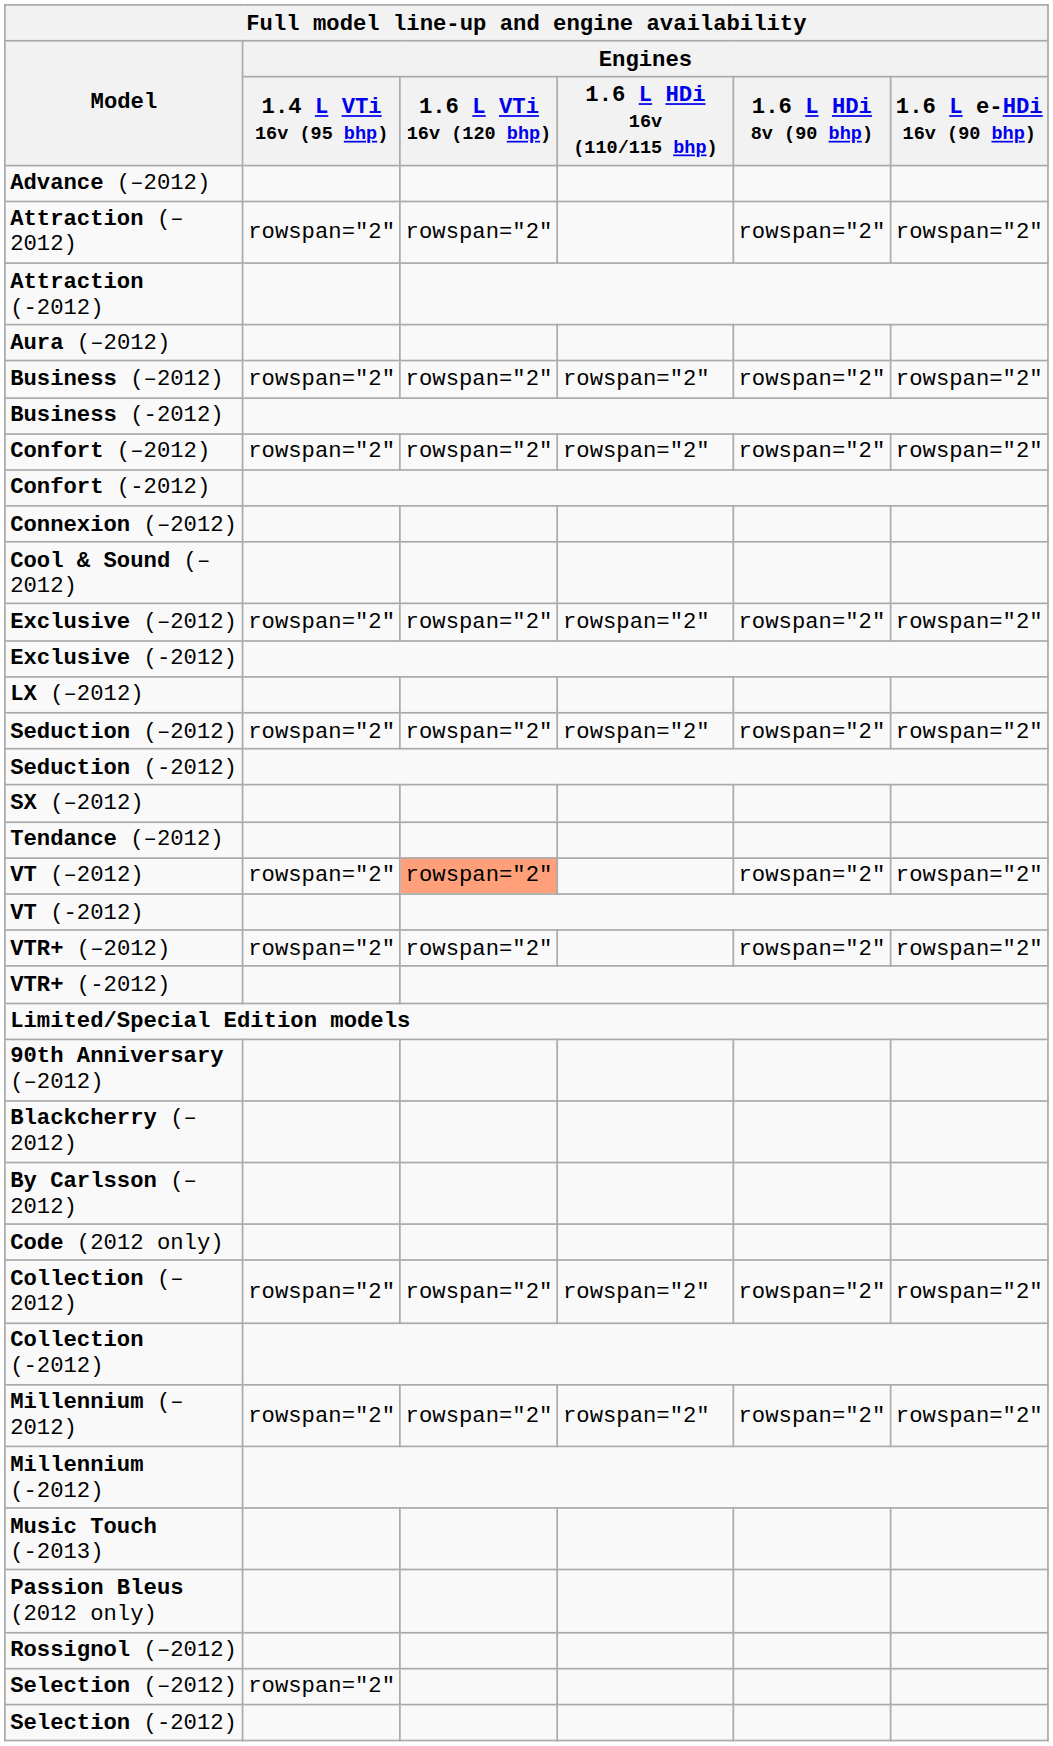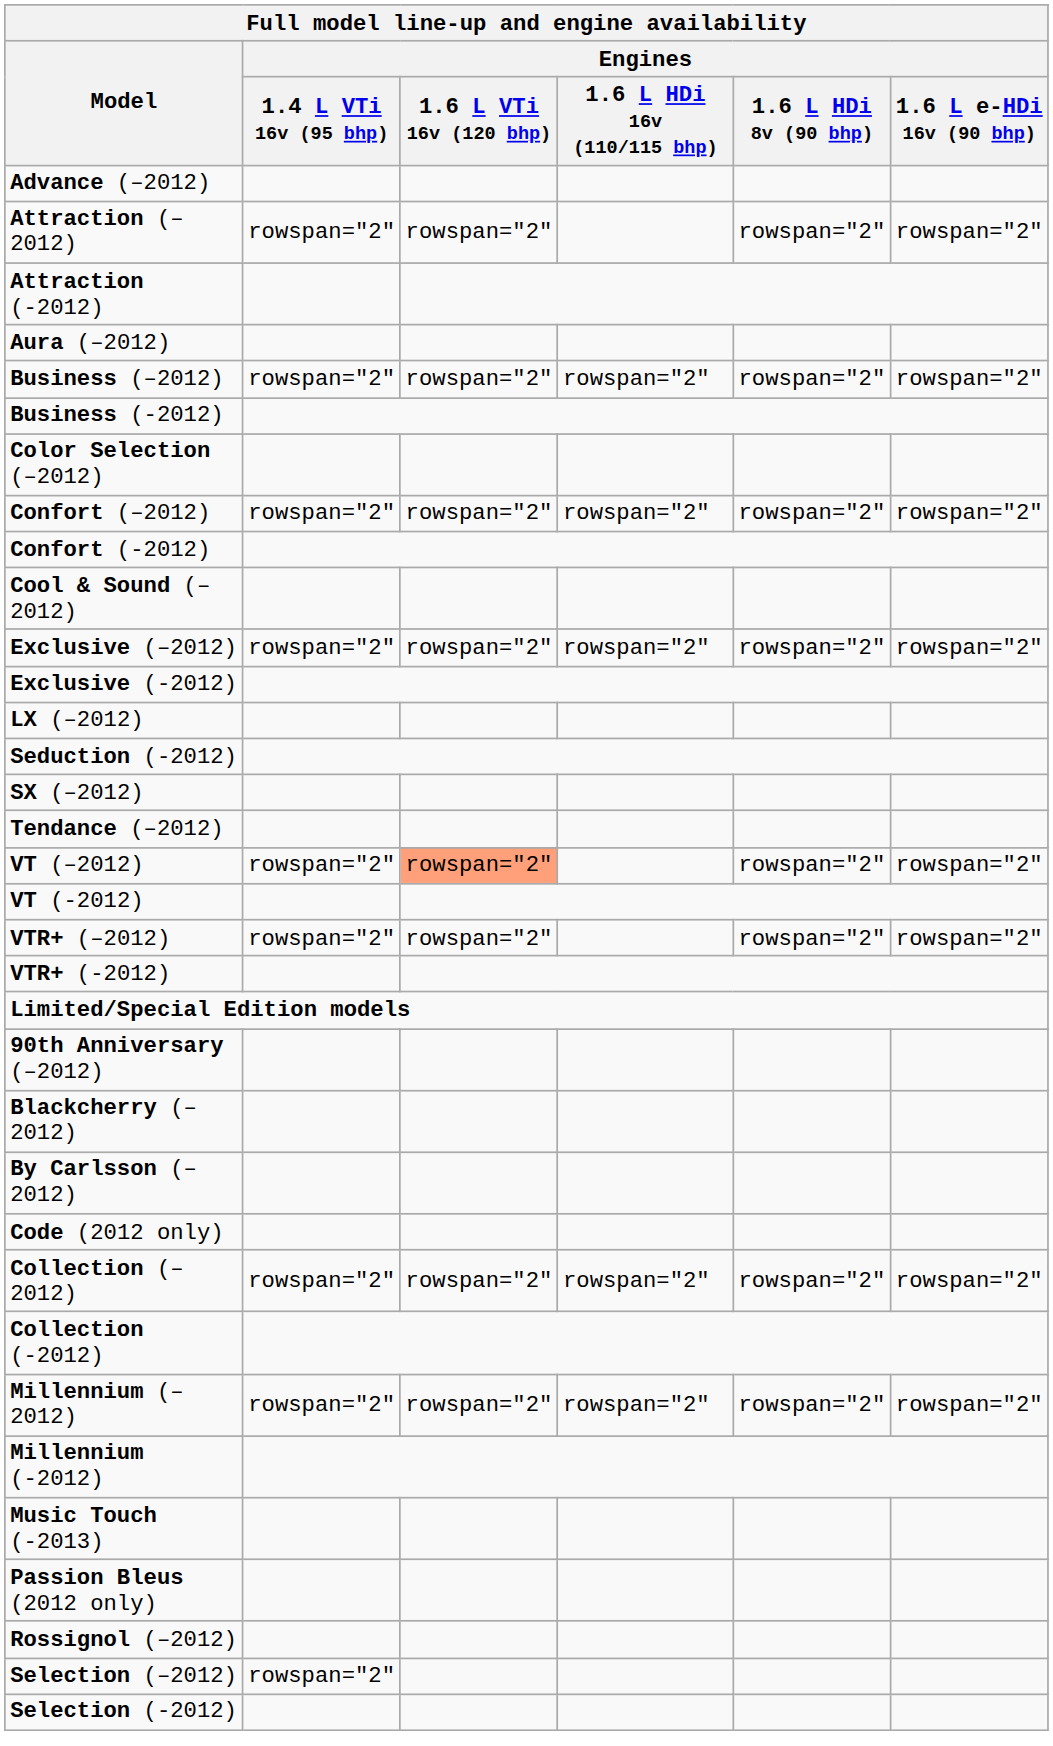 <table class="wikitable collapsible collapsed">
 <tr>
 <th colspan="6"><strong>Full model line-up and engine availability</strong></th>
 </tr>
 <tr>
 <th rowspan="2">Model</th>
 <th colspan="5">Engines</th>
 </tr>
 <tr>
 <th>1.4 <a href='#'>L</a> <a href='#'>VTi</a><br><small>16v (95 <a href='#'>bhp</a>)</small></th>
 <th>1.6 <a href='#'>L</a> <a href='#'>VTi</a><br><small>16v (120 <a href='#'>bhp</a>)</small></th>
 <th>1.6 <a href='#'>L</a> <a href='#'>HDi</a><br><small>16v (110/115 <a href='#'>bhp</a>)</small></th>
 <th>1.6 <a href='#'>L</a> <a href='#'>HDi</a><br><small>8v (90 <a href='#'>bhp</a>)</small></th>
 <th>1.6 <a href='#'>L</a> e-<a href='#'>HDi</a><br><small>16v (90 <a href='#'>bhp</a>)</small></th>
 </tr>
 <tr>
 <td><strong>Advance</strong> (–2012)</td>
 <td></td>
 <td></td>
 <td></td>
 <td></td>
 <td></td>
 </tr>
 <tr>
 <td><strong>Attraction</strong> (–2012)</td>
 <td>rowspan="2" </td>
 <td>rowspan="2" </td>
 <td></td>
 <td>rowspan="2" </td>
 <td>rowspan="2" </td>
 </tr>
 <tr>
 <td><strong>Attraction</strong> (-2012)</td>
 <td></td>
 </tr>
 <tr>
 <td><strong>Aura</strong> (–2012)</td>
 <td></td>
 <td></td>
 <td></td>
 <td></td>
 <td></td>
 </tr>
 <tr>
 <td><strong>Business</strong> (–2012)</td>
 <td>rowspan="2" </td>
 <td>rowspan="2" </td>
 <td>rowspan="2" </td>
 <td>rowspan="2" </td>
 <td>rowspan="2" </td>
 </tr>
 <tr>
 <td><strong>Business</strong> (-2012)</td>
 </tr>
 <tr>
+<td><strong>Color Selection</strong> (–2012)</td>
+<td></td>
+<td></td>
+<td></td>
+<td></td>
+<td></td>
+</tr>
+<tr>
 <td><strong>Confort</strong> (–2012)</td>
 <td>rowspan="2" </td>
 <td>rowspan="2" </td>
 <td>rowspan="2" </td>
 <td>rowspan="2" </td>
 <td>rowspan="2" </td>
 </tr>
 <tr>
 <td><strong>Confort</strong> (-2012)</td>
-</tr>
-<tr>
-<td><strong>Connexion</strong> (–2012)</td>
-<td></td>
-<td></td>
-<td></td>
-<td></td>
-<td></td>
 </tr>
 <tr>
 <td><strong>Cool & Sound</strong> (–2012)</td>
 <td></td>
 <td></td>
 <td></td>
 <td></td>
 <td></td>
 </tr>
 <tr>
 <td><strong>Exclusive</strong> (–2012)</td>
 <td>rowspan="2" </td>
 <td>rowspan="2" </td>
 <td>rowspan="2" </td>
 <td>rowspan="2" </td>
 <td>rowspan="2" </td>
 </tr>
 <tr>
 <td><strong>Exclusive</strong> (-2012)</td>
 </tr>
 <tr>
 <td><strong>LX</strong> (–2012)</td>
 <td></td>
 <td></td>
 <td></td>
 <td></td>
 <td></td>
-</tr>
-<tr>
-<td><strong>Seduction</strong> (–2012)</td>
-<td>rowspan="2" </td>
-<td>rowspan="2" </td>
-<td>rowspan="2" </td>
-<td>rowspan="2" </td>
-<td>rowspan="2" </td>
 </tr>
 <tr>
 <td><strong>Seduction</strong> (-2012)</td>
 </tr>
 <tr>
 <td><strong>SX</strong> (–2012)</td>
 <td></td>
 <td></td>
 <td></td>
 <td></td>
 <td></td>
 </tr>
 <tr>
 <td><strong>Tendance</strong> (–2012)</td>
 <td></td>
 <td></td>
 <td></td>
 <td></td>
 <td></td>
 </tr>
 <tr>
 <td><strong>VT</strong> (–2012)</td>
 <td>rowspan="2" </td>
 <td style="background: lightsalmon;">rowspan="2" </td>
 <td></td>
 <td>rowspan="2" </td>
 <td>rowspan="2" </td>
 </tr>
 <tr>
 <td><strong>VT</strong> (-2012)</td>
 <td></td>
 </tr>
 <tr>
 <td><strong>VTR+</strong> (–2012)</td>
 <td>rowspan="2" </td>
 <td>rowspan="2" </td>
 <td></td>
 <td>rowspan="2" </td>
 <td>rowspan="2" </td>
 </tr>
 <tr>
 <td><strong>VTR+</strong> (-2012)</td>
 <td></td>
 </tr>
 <tr>
 <td colspan="6"><strong>Limited/Special Edition models</strong></td>
 </tr>
 <tr>
 <td><strong>90th Anniversary</strong> (–2012)</td>
 <td></td>
 <td></td>
 <td></td>
 <td></td>
 <td></td>
 </tr>
 <tr>
 <td><strong>Blackcherry</strong> (–2012)</td>
 <td></td>
 <td></td>
 <td></td>
 <td></td>
 <td></td>
 </tr>
 <tr>
 <td><strong>By Carlsson</strong> (–2012)</td>
 <td></td>
 <td></td>
 <td></td>
 <td></td>
 <td></td>
 </tr>
 <tr>
 <td><strong>Code</strong> (2012 only)</td>
 <td></td>
 <td></td>
 <td></td>
 <td></td>
 <td></td>
 </tr>
 <tr>
 <td><strong>Collection</strong> (–2012)</td>
 <td>rowspan="2" </td>
 <td>rowspan="2" </td>
 <td>rowspan="2" </td>
 <td>rowspan="2" </td>
 <td>rowspan="2" </td>
 </tr>
 <tr>
 <td><strong>Collection</strong> (-2012)</td>
 </tr>
 <tr>
 <td><strong>Millennium</strong> (–2012)</td>
 <td>rowspan="2" </td>
 <td>rowspan="2" </td>
 <td>rowspan="2" </td>
 <td>rowspan="2" </td>
 <td>rowspan="2" </td>
 </tr>
 <tr>
 <td><strong>Millennium</strong> (-2012)</td>
 </tr>
 <tr>
 <td><strong>Music Touch</strong> (-2013)</td>
 <td></td>
 <td></td>
 <td></td>
 <td></td>
 <td></td>
 </tr>
 <tr>
 <td><strong>Passion Bleus</strong> (2012 only)</td>
 <td></td>
 <td></td>
 <td></td>
 <td></td>
 <td></td>
 </tr>
 <tr>
 <td><strong>Rossignol</strong> (–2012)</td>
 <td></td>
 <td></td>
 <td></td>
 <td></td>
 <td></td>
 </tr>
 <tr>
 <td><strong>Selection</strong> (–2012)</td>
 <td>rowspan="2" </td>
 <td></td>
 <td></td>
 <td></td>
 <td></td>
 </tr>
 <tr>
 <td><strong>Selection</strong> (-2012)</td>
 <td></td>
 <td></td>
 <td></td>
 <td></td>
 </tr>
 </table>
